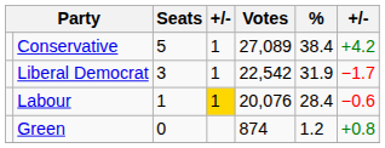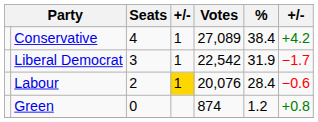 <table class="wikitable">
 <tr>
 <th colspan="2">Party</th>
 <th>Seats</th>
 <th>+/-</th>
 <th>Votes</th>
 <th>%</th>
 <th>+/-</th>
 </tr>
 <tr>
 <td style="background-color: "></td>
 <td><a href='#'>Conservative</a></td>
-<td>5</td>
+<td>4</td>
 <td> 1</td>
 <td>27,089</td>
 <td>38.4</td>
 <td style="color:green">+4.2</td>
 </tr>
 <tr>
 <td style="background-color: "></td>
 <td><a href='#'>Liberal Democrat</a></td>
 <td>3</td>
 <td> 1</td>
 <td>22,542</td>
 <td>31.9</td>
 <td style="color:red">−1.7</td>
 </tr>
 <tr>
 <td style="background-color: "></td>
 <td><a href='#'>Labour</a></td>
-<td>1</td>
+<td>2</td>
 <td style="background: gold;"> 1</td>
 <td>20,076</td>
 <td>28.4</td>
 <td style="color:red">−0.6</td>
 </tr>
 <tr>
 <td style="background-color: "></td>
 <td><a href='#'>Green</a></td>
 <td>0</td>
 <td></td>
 <td>874</td>
 <td>1.2</td>
 <td style="color:green">+0.8</td>
 </tr>
 <tr>
 </tr>
 </table>
